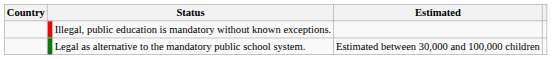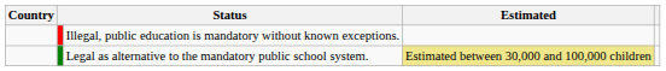 <table class="wikitable">
 <tr>
 <th>Country</th>
 <th colspan="2">Status</th>
 <th>Estimated</th>
 <th></th>
 </tr>
 <tr>
 <td></td>
 <td style="background-color:red"></td>
 <td>Illegal, public education is mandatory without known exceptions.</td>
 <td></td>
 <td></td>
 </tr>
 <tr>
 <td></td>
 <td style="background-color:green"></td>
 <td>Legal as alternative to the mandatory public school system.</td>
-<td>Estimated between 30,000 and 100,000 children</td>
+<td style="background: khaki;">Estimated between 30,000 and 100,000 children</td>
 <td></td>
 </tr>
 </table>
